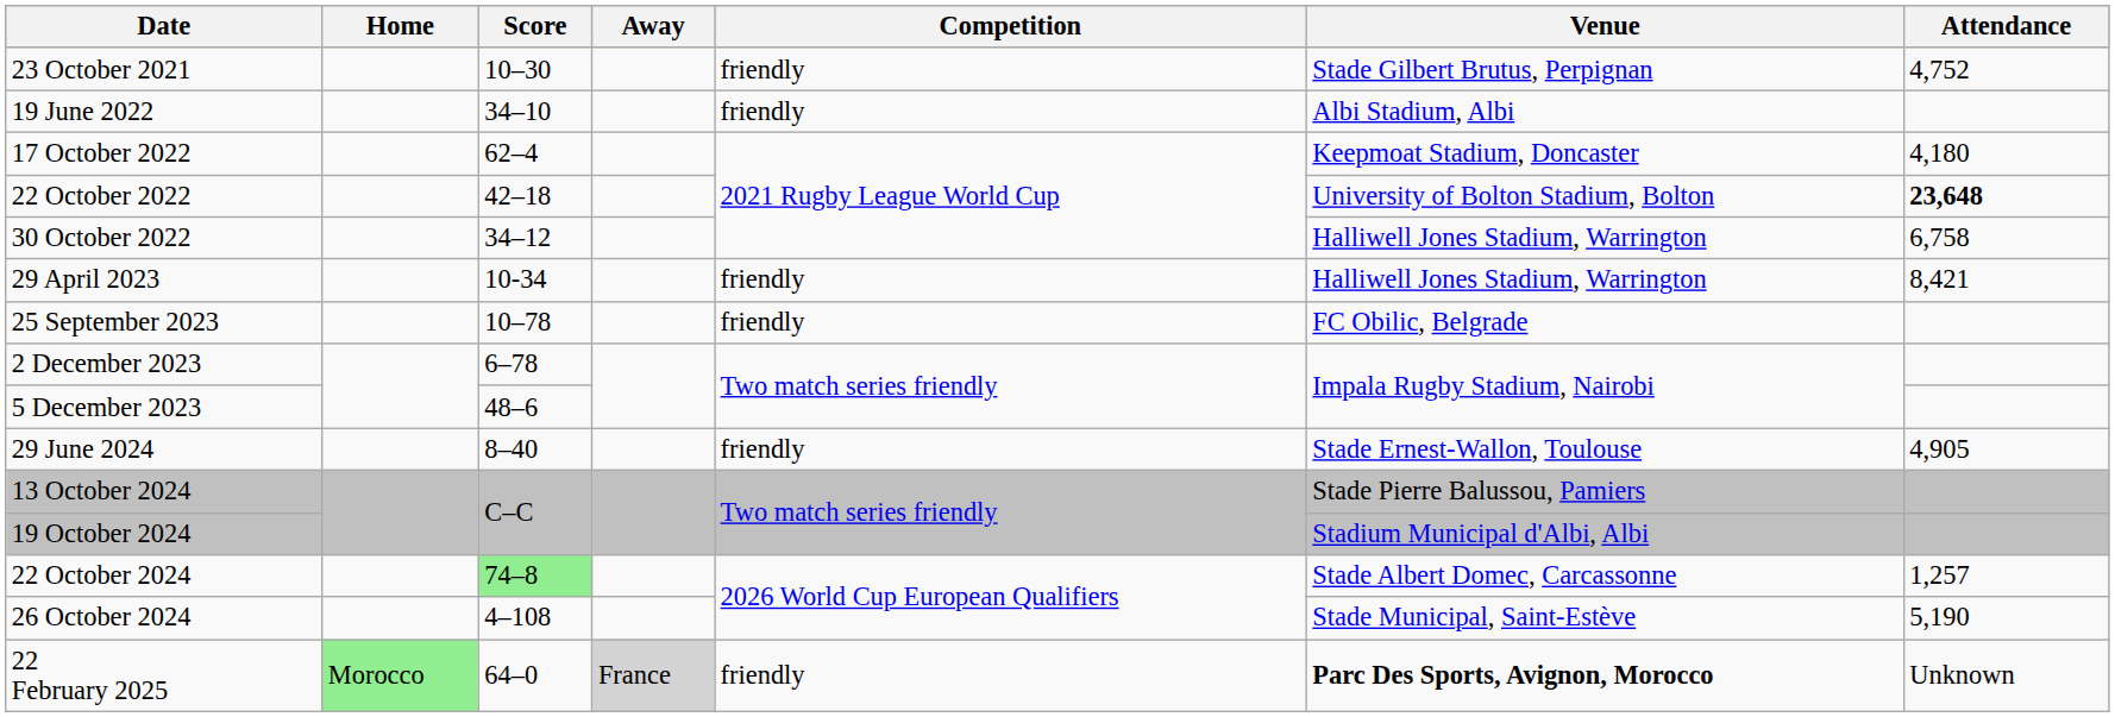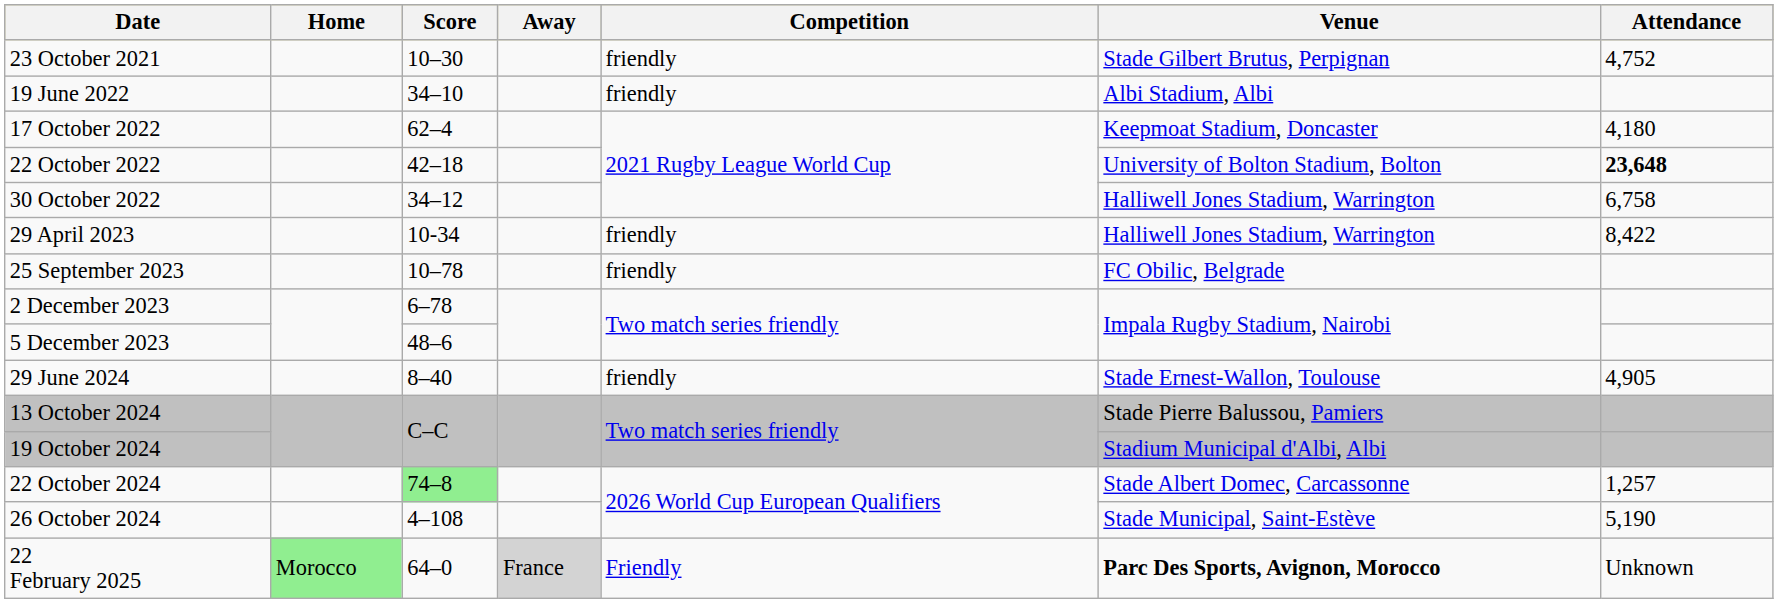 <table class="wikitable" width="100%">
 <tr bgcolor="bdb76b">
 <th>Date</th>
 <th>Home</th>
 <th>Score</th>
 <th>Away</th>
 <th>Competition</th>
 <th>Venue</th>
 <th>Attendance</th>
 </tr>
 <tr>
 <td>23 October 2021</td>
 <td></td>
 <td>10–30</td>
 <td></td>
 <td>friendly</td>
 <td> <a href='#'>Stade Gilbert Brutus</a>, <a href='#'>Perpignan</a></td>
 <td>4,752</td>
 </tr>
 <tr>
 <td>19 June 2022</td>
 <td></td>
 <td>34–10</td>
 <td></td>
 <td>friendly</td>
 <td> <a href='#'>Albi Stadium</a>, <a href='#'>Albi</a></td>
 <td></td>
 </tr>
 <tr>
 <td>17 October 2022</td>
 <td></td>
 <td>62–4</td>
 <td></td>
 <td rowspan="3"><a href='#'>2021 Rugby League World Cup</a></td>
 <td> <a href='#'>Keepmoat Stadium</a>, <a href='#'>Doncaster</a></td>
 <td>4,180</td>
 </tr>
 <tr>
 <td>22 October 2022</td>
 <td></td>
 <td>42–18</td>
 <td></td>
 <td> <a href='#'>University of Bolton Stadium</a>, <a href='#'>Bolton</a></td>
 <td><strong>23,648</strong></td>
 </tr>
 <tr>
 <td>30 October 2022</td>
 <td></td>
 <td>34–12</td>
 <td></td>
 <td> <a href='#'>Halliwell Jones Stadium</a>, <a href='#'>Warrington</a></td>
 <td>6,758</td>
 </tr>
 <tr>
 <td>29 April 2023</td>
 <td></td>
 <td>10-34</td>
 <td></td>
 <td>friendly</td>
 <td> <a href='#'>Halliwell Jones Stadium</a>, <a href='#'>Warrington</a></td>
-<td>8,421</td>
+<td>8,422</td>
 </tr>
 <tr>
 <td>25 September 2023</td>
 <td></td>
 <td>10–78</td>
 <td></td>
 <td>friendly</td>
 <td> <a href='#'>FC Obilic</a>, <a href='#'>Belgrade</a></td>
 <td></td>
 </tr>
 <tr>
 <td>2 December 2023</td>
 <td rowspan="2"></td>
 <td>6–78</td>
 <td rowspan="2"></td>
 <td rowspan="2"><a href='#'>Two match series friendly</a></td>
 <td rowspan="2"> <a href='#'>Impala Rugby Stadium</a>, <a href='#'>Nairobi</a></td>
 <td></td>
 </tr>
 <tr>
 <td>5 December 2023</td>
 <td>48–6</td>
 <td></td>
 </tr>
 <tr>
 <td>29 June 2024</td>
 <td></td>
 <td>8–40</td>
 <td></td>
 <td>friendly</td>
 <td> <a href='#'>Stade Ernest-Wallon</a>, <a href='#'>Toulouse</a></td>
 <td>4,905</td>
 </tr>
 <tr style="background:#c0c0c0;">
 <td>13 October 2024</td>
 <td rowspan="2"></td>
 <td rowspan="2">C–C</td>
 <td rowspan="2"></td>
 <td rowspan="2"><a href='#'>Two match series friendly</a></td>
 <td> Stade Pierre Balussou, <a href='#'>Pamiers</a></td>
 <td></td>
 </tr>
 <tr style="background:#c0c0c0;">
 <td>19 October 2024</td>
 <td> <a href='#'>Stadium Municipal d'Albi</a>, <a href='#'>Albi</a></td>
 <td></td>
 </tr>
 <tr>
 <td>22 October 2024</td>
 <td></td>
 <td style="background: lightgreen;">74–8</td>
 <td></td>
 <td rowspan="2"><a href='#'>2026 World Cup European Qualifiers</a></td>
 <td> <a href='#'>Stade Albert Domec</a>, <a href='#'>Carcassonne</a></td>
 <td>1,257</td>
 </tr>
 <tr>
 <td>26 October 2024</td>
 <td></td>
 <td>4–108</td>
 <td></td>
 <td> <a href='#'>Stade Municipal</a>, <a href='#'>Saint-Estève</a></td>
 <td>5,190</td>
 </tr>
 <tr>
 <td>22<br>February  2025</td>
 <td style="background: lightgreen;">Morocco</td>
 <td>64–0</td>
 <td style="background: lightgrey;">France</td>
-<td>friendly</td>
+<td><a href='#'>Friendly</a></td>
 <td><strong>Parc Des Sports, Avignon, Morocco</strong></td>
 <td>Unknown</td>
 </tr>
 </table>
